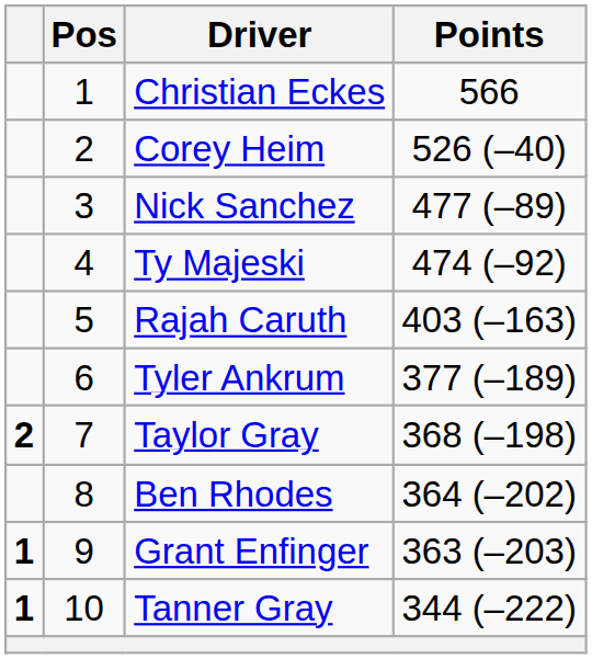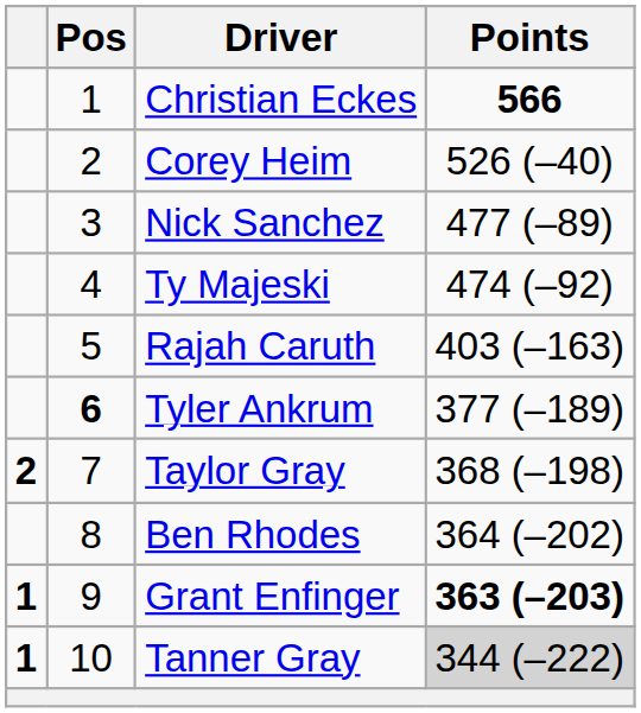 <table class="wikitable" style="font-size: 95%;">
 <tr>
 <th></th>
 <th>Pos</th>
 <th>Driver</th>
 <th>Points</th>
 </tr>
 <tr>
 <td align="left"></td>
 <td style="text-align:center;">1</td>
 <td><a href='#'>Christian Eckes</a></td>
-<td style="text-align:center;">566</td>
+<td style="text-align:center;"><strong>566</strong></td>
 </tr>
 <tr>
 <td align="left"></td>
 <td style="text-align:center;">2</td>
 <td><a href='#'>Corey Heim</a></td>
 <td style="text-align:center;">526 (–40)</td>
 </tr>
 <tr>
 <td align="left"></td>
 <td style="text-align:center;">3</td>
 <td><a href='#'>Nick Sanchez</a></td>
 <td style="text-align:center;">477 (–89)</td>
 </tr>
 <tr>
 <td align="left"></td>
 <td style="text-align:center;">4</td>
 <td><a href='#'>Ty Majeski</a></td>
 <td style="text-align:center;">474 (–92)</td>
 </tr>
 <tr>
 <td align="left"></td>
 <td style="text-align:center;">5</td>
 <td><a href='#'>Rajah Caruth</a></td>
 <td style="text-align:center;">403 (–163)</td>
 </tr>
 <tr>
 <td align="left"></td>
-<td style="text-align:center;">6</td>
+<td style="text-align:center;"><strong>6</strong></td>
 <td><a href='#'>Tyler Ankrum</a></td>
 <td style="text-align:center;">377 (–189)</td>
 </tr>
 <tr>
 <td align="left"> <strong>2</strong></td>
 <td style="text-align:center;">7</td>
 <td><a href='#'>Taylor Gray</a></td>
 <td style="text-align:center;">368 (–198)</td>
 </tr>
 <tr>
 <td align="left"></td>
 <td style="text-align:center;">8</td>
 <td><a href='#'>Ben Rhodes</a></td>
 <td style="text-align:center;">364 (–202)</td>
 </tr>
 <tr>
 <td align="left"> <strong>1</strong></td>
 <td style="text-align:center;">9</td>
 <td><a href='#'>Grant Enfinger</a></td>
-<td style="text-align:center;">363 (–203)</td>
+<td style="text-align:center;"><strong>363 (–203)</strong></td>
 </tr>
 <tr>
 <td align="left"> <strong>1</strong></td>
 <td style="text-align:center;">10</td>
 <td><a href='#'>Tanner Gray</a></td>
-<td style="text-align:center;">344 (–222)</td>
+<td style="background: lightgrey; text-align:center;">344 (–222)</td>
 </tr>
 <tr class="sortbottom">
 <th colspan="9"></th>
 </tr>
 </table>
